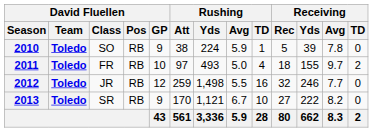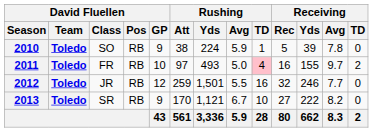 <table class="wikitable" style="text-align: center;">
 <tr>
 <th colspan="5">David Fluellen</th>
 <th colspan="4">Rushing</th>
 <th colspan="4">Receiving</th>
 </tr>
 <tr>
 <th>Season</th>
 <th>Team</th>
 <th>Class</th>
 <th>Pos</th>
 <th>GP</th>
 <th>Att</th>
 <th>Yds</th>
 <th>Avg</th>
 <th>TD</th>
 <th>Rec</th>
 <th>Yds</th>
 <th>Avg</th>
 <th>TD</th>
 </tr>
 <tr>
 <th><a href='#'>2010</a></th>
 <th><a href='#'>Toledo</a></th>
 <td>SO</td>
 <td>RB</td>
 <td>9</td>
 <td>38</td>
 <td>224</td>
 <td>5.9</td>
 <td>1</td>
 <td>5</td>
 <td>39</td>
 <td>7.8</td>
 <td>0</td>
 </tr>
 <tr>
 <th><a href='#'>2011</a></th>
 <th><a href='#'>Toledo</a></th>
 <td>FR</td>
 <td>RB</td>
 <td>10</td>
 <td>97</td>
 <td>493</td>
 <td>5.0</td>
-<td>4</td>
-<td>18</td>
+<td style="background: pink;">4</td>
+<td>16</td>
 <td>155</td>
 <td>9.7</td>
 <td>2</td>
 </tr>
 <tr>
 <th><a href='#'>2012</a></th>
 <th><a href='#'>Toledo</a></th>
 <td>JR</td>
 <td>RB</td>
 <td>12</td>
 <td>259</td>
-<td>1,498</td>
+<td>1,501</td>
 <td>5.5</td>
 <td>16</td>
 <td>32</td>
 <td>246</td>
 <td>7.7</td>
 <td>0</td>
 </tr>
 <tr>
 <th><a href='#'>2013</a></th>
 <th><a href='#'>Toledo</a></th>
 <td>SR</td>
 <td>RB</td>
 <td>9</td>
 <td>170</td>
 <td>1,121</td>
 <td>6.7</td>
 <td>10</td>
 <td>27</td>
 <td>222</td>
 <td>8.2</td>
 <td>0</td>
 </tr>
 <tr>
 <th colspan="4"></th>
 <th>43</th>
 <th>561</th>
 <th>3,336</th>
 <th>5.9</th>
 <th>28</th>
 <th>80</th>
 <th>662</th>
 <th>8.3</th>
 <th>2</th>
 </tr>
 </table>
